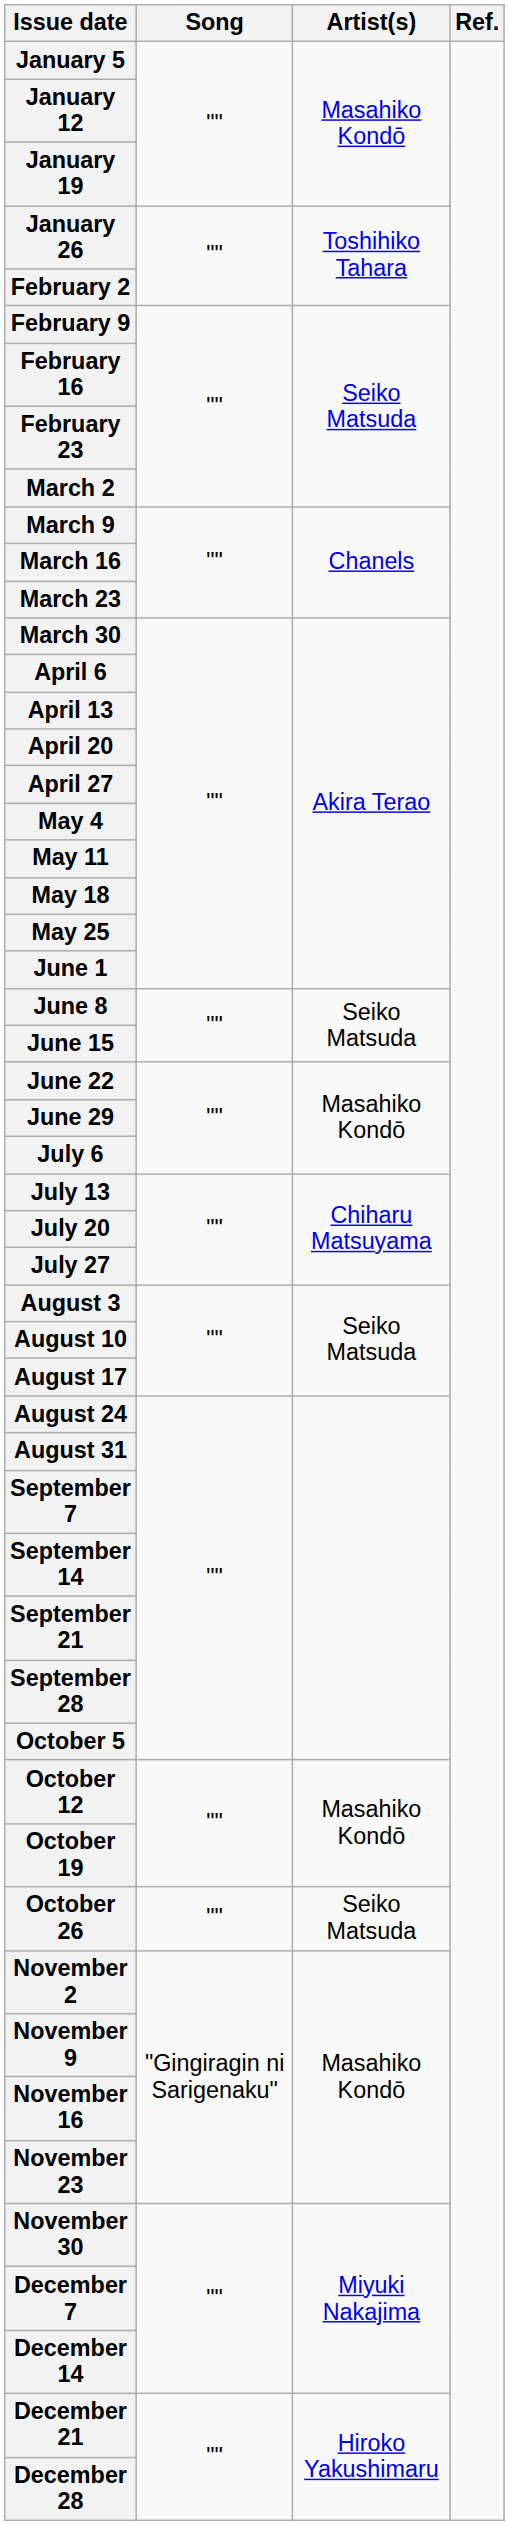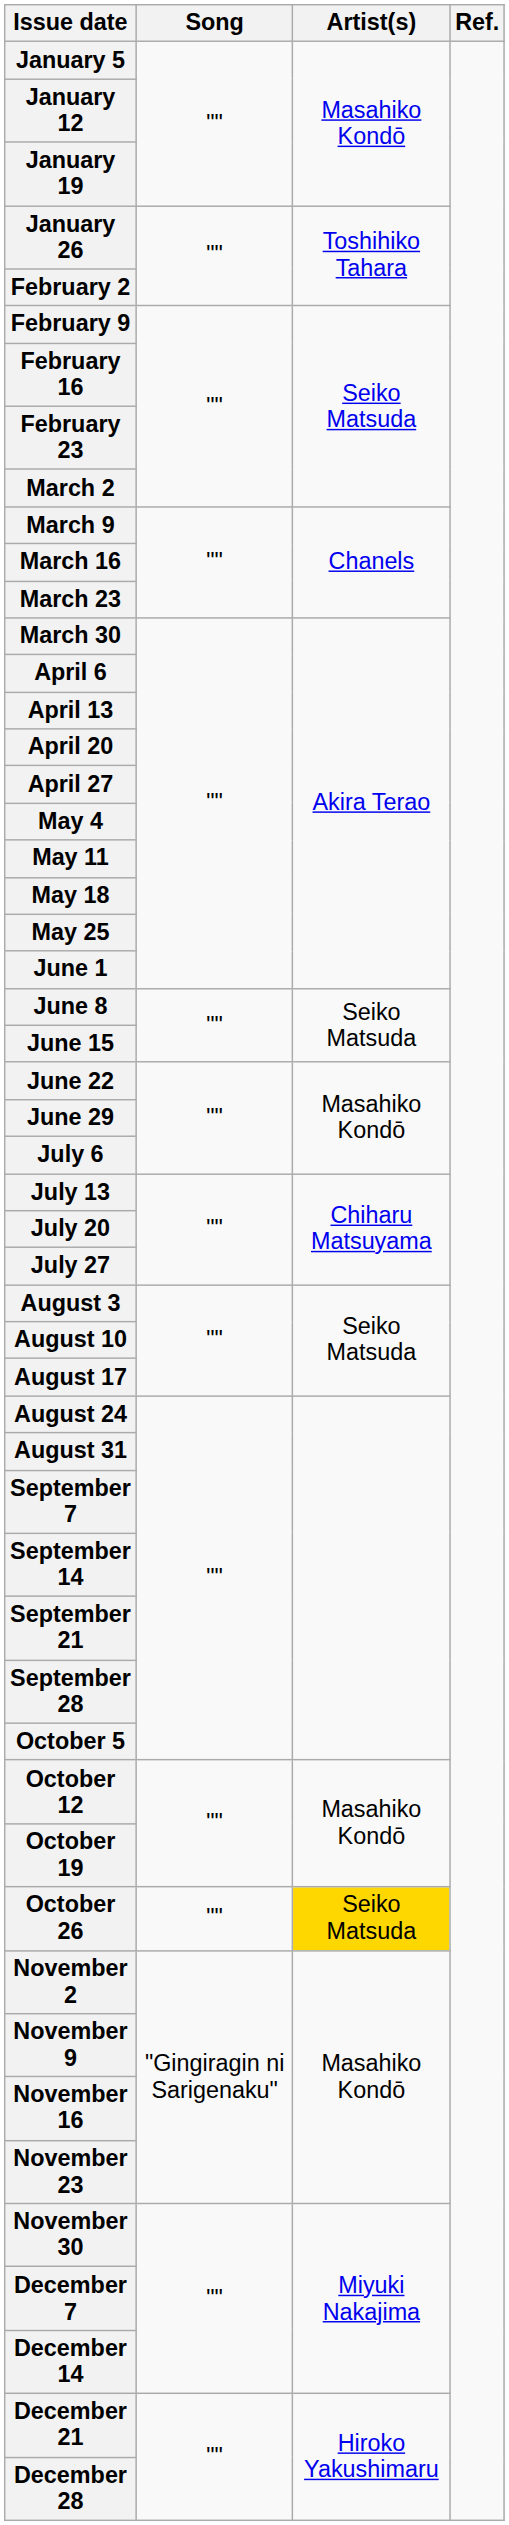 <table class="wikitable plainrowheaders" style="text-align: center">
 <tr>
 <th width="80">Issue date</th>
 <th width="100">Song</th>
 <th width="100">Artist(s)</th>
 <th width="20">Ref.</th>
 </tr>
 <tr>
 <th scope="row">January 5</th>
 <td rowspan="3">""</td>
 <td rowspan="3"><a href='#'>Masahiko Kondō</a></td>
 <td rowspan="53"></td>
 </tr>
 <tr>
 <th scope="row">January 12</th>
 </tr>
 <tr>
 <th scope="row">January 19</th>
 </tr>
 <tr>
 <th scope="row">January 26</th>
 <td rowspan="2">""</td>
 <td rowspan="2"><a href='#'>Toshihiko Tahara</a></td>
 </tr>
 <tr>
 <th scope="row">February 2</th>
 </tr>
 <tr>
 <th scope="row">February 9</th>
 <td rowspan="4">""</td>
 <td rowspan="4"><a href='#'>Seiko Matsuda</a></td>
 </tr>
 <tr>
 <th scope="row">February 16</th>
 </tr>
 <tr>
 <th scope="row">February 23</th>
 </tr>
 <tr>
 <th scope="row">March 2</th>
 </tr>
 <tr>
 <th scope="row">March 9</th>
 <td rowspan="3">""</td>
 <td rowspan="3"><a href='#'>Chanels</a></td>
 </tr>
 <tr>
 <th scope="row">March 16</th>
 </tr>
 <tr>
 <th scope="row">March 23</th>
 </tr>
 <tr>
 <th scope="row">March 30</th>
 <td rowspan="10">""</td>
 <td rowspan="10"><a href='#'>Akira Terao</a></td>
 </tr>
 <tr>
 <th scope="row">April 6</th>
 </tr>
 <tr>
 <th scope="row">April 13</th>
 </tr>
 <tr>
 <th scope="row">April 20</th>
 </tr>
 <tr>
 <th scope="row">April 27</th>
 </tr>
 <tr>
 <th scope="row">May 4</th>
 </tr>
 <tr>
 <th scope="row">May 11</th>
 </tr>
 <tr>
 <th scope="row">May 18</th>
 </tr>
 <tr>
 <th scope="row">May 25</th>
 </tr>
 <tr>
 <th scope="row">June 1</th>
 </tr>
 <tr>
 <th scope="row">June 8</th>
 <td rowspan="2">""</td>
 <td rowspan="2">Seiko Matsuda</td>
 </tr>
 <tr>
 <th scope="row">June 15</th>
 </tr>
 <tr>
 <th scope="row">June 22</th>
 <td rowspan="3">""</td>
 <td rowspan="3">Masahiko Kondō</td>
 </tr>
 <tr>
 <th scope="row">June 29</th>
 </tr>
 <tr>
 <th scope="row">July 6</th>
 </tr>
 <tr>
 <th scope="row">July 13</th>
 <td rowspan="3">""</td>
 <td rowspan="3"><a href='#'>Chiharu Matsuyama</a></td>
 </tr>
 <tr>
 <th scope="row">July 20</th>
 </tr>
 <tr>
 <th scope="row">July 27</th>
 </tr>
 <tr>
 <th scope="row">August 3</th>
 <td rowspan="3">""</td>
 <td rowspan="3">Seiko Matsuda</td>
 </tr>
 <tr>
 <th scope="row">August 10</th>
 </tr>
 <tr>
 <th scope="row">August 17</th>
 </tr>
 <tr>
 <th scope="row">August 24</th>
 <td rowspan="7">""</td>
 <td rowspan="7"></td>
 </tr>
 <tr>
 <th scope="row">August 31</th>
 </tr>
 <tr>
 <th scope="row">September 7</th>
 </tr>
 <tr>
 <th scope="row">September 14</th>
 </tr>
 <tr>
 <th scope="row">September 21</th>
 </tr>
 <tr>
 <th scope="row">September 28</th>
 </tr>
 <tr>
 <th scope="row">October 5</th>
 </tr>
 <tr>
 <th scope="row">October 12</th>
 <td rowspan="2">""</td>
 <td rowspan="2">Masahiko Kondō</td>
 </tr>
 <tr>
 <th scope="row">October 19</th>
 </tr>
 <tr>
 <th scope="row">October 26</th>
 <td rowspan="1">""</td>
-<td rowspan="1">Seiko Matsuda</td>
+<td rowspan="1" style="background: gold;">Seiko Matsuda</td>
 </tr>
 <tr>
 <th scope="row">November 2</th>
 <td rowspan="4">"Gingiragin ni Sarigenaku"</td>
 <td rowspan="4">Masahiko Kondō</td>
 </tr>
 <tr>
 <th scope="row">November 9</th>
 </tr>
 <tr>
 <th scope="row">November 16</th>
 </tr>
 <tr>
 <th scope="row">November 23</th>
 </tr>
 <tr>
 <th scope="row">November 30</th>
 <td rowspan="3">""</td>
 <td rowspan="3"><a href='#'>Miyuki Nakajima</a></td>
 </tr>
 <tr>
 <th scope="row">December 7</th>
 </tr>
 <tr>
 <th scope="row">December 14</th>
 </tr>
 <tr>
 <th scope="row">December 21</th>
 <td rowspan="2">""</td>
 <td rowspan="2"><a href='#'>Hiroko Yakushimaru</a></td>
 </tr>
 <tr>
 <th scope="row">December 28</th>
 </tr>
 </table>
